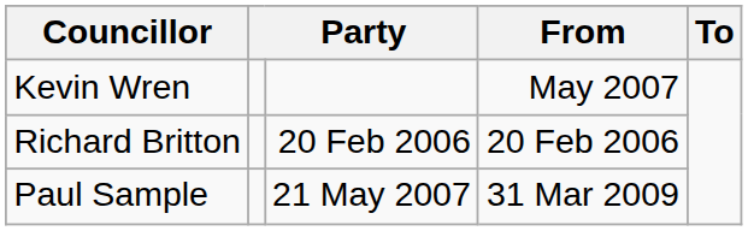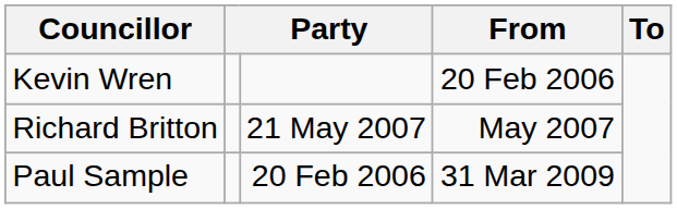 <table class=wikitable>
 <tr>
 <th>Councillor</th>
 <th colspan=2>Party</th>
 <th>From</th>
 <th>To</th>
 </tr>
 <tr>
 <td>Kevin Wren</td>
 <td></td>
 <td></td>
-<td align=right>May 2007</td>
+<td align=right>20 Feb 2006</td>
 </tr>
 <tr>
 <td>Richard Britton</td>
 <td></td>
-<td align=right>20 Feb 2006</td>
-<td align=right>20 Feb 2006</td>
+<td align=right>21 May 2007</td>
+<td align=right>May 2007</td>
 </tr>
 <tr>
 <td>Paul Sample</td>
 <td></td>
-<td align=right>21 May 2007</td>
+<td align=right>20 Feb 2006</td>
 <td align=right>31 Mar 2009</td>
 </tr>
 </table>
